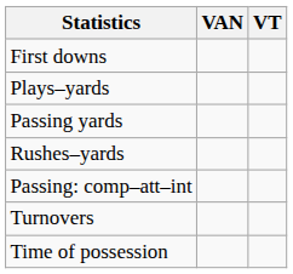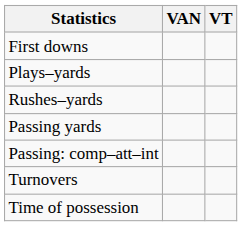 <table class="wikitable" style="float:left">
 <tr>
 <th>Statistics</th>
 <th>VAN</th>
 <th>VT</th>
 </tr>
 <tr>
 <td>First downs</td>
 <td></td>
 <td></td>
 </tr>
 <tr>
 <td>Plays–yards</td>
 <td></td>
 <td></td>
 </tr>
 <tr>
-<td>Passing yards</td>
+<td>Rushes–yards</td>
 <td></td>
 <td></td>
 </tr>
 <tr>
-<td>Rushes–yards</td>
+<td>Passing yards</td>
 <td></td>
 <td></td>
 </tr>
 <tr>
 <td>Passing: comp–att–int</td>
 <td></td>
 <td></td>
 </tr>
 <tr>
 <td>Turnovers</td>
 <td></td>
 <td></td>
 </tr>
 <tr>
 <td>Time of possession</td>
 <td></td>
 <td></td>
 </tr>
 </table>
